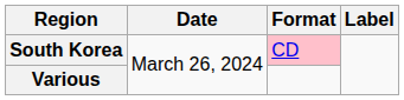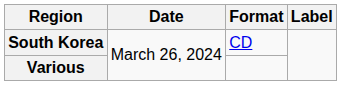 <table class="wikitable plainrowheaders">
 <tr>
 <th scope="col">Region</th>
 <th scope="col">Date</th>
 <th scope="col">Format</th>
 <th scope="col">Label</th>
 </tr>
 <tr>
 <th scope="row">South Korea</th>
 <td rowspan="2">March 26, 2024</td>
-<td style="background: pink;"><a href='#'>CD</a></td>
+<td><a href='#'>CD</a></td>
 <td rowspan="2"></td>
 </tr>
 <tr>
 <th scope="row">Various </th>
 <td></td>
 </tr>
 </table>
